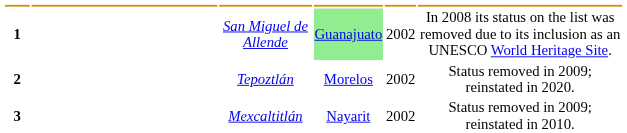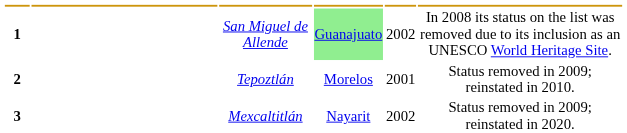 <table class="toccolors sortable" style="text-align:center; width:675px;">
 <tr style="background-color: #CD950C">
 <th style="width:25px;"></th>
 <th style="width:200px;"></th>
 <th></th>
 <th></th>
 <th></th>
 <th></th>
 </tr>
 <tr>
 <td><strong>1</strong></td>
 <td></td>
 <td><em><a href='#'>San Miguel de Allende</a></em></td>
 <td style="background: lightgreen;"><a href='#'>Guanajuato</a></td>
 <td>2002</td>
 <td>In 2008 its status on the list was removed due to its inclusion as an UNESCO <a href='#'>World Heritage Site</a>.</td>
 </tr>
 <tr>
 <td><strong>2</strong></td>
 <td></td>
 <td><em><a href='#'>Tepoztlán</a></em></td>
 <td><a href='#'>Morelos</a></td>
-<td>2002</td>
-<td>Status removed in 2009; reinstated in 2020.</td>
+<td>2001</td>
+<td>Status removed in 2009; reinstated in 2010.</td>
 </tr>
 <tr>
 <td><strong>3</strong></td>
 <td></td>
 <td><em><a href='#'>Mexcaltitlán</a></em></td>
 <td><a href='#'>Nayarit</a></td>
 <td>2002</td>
-<td>Status removed in 2009; reinstated in 2010.</td>
+<td>Status removed in 2009; reinstated in 2020.</td>
 </tr>
 <tr>
 </tr>
 </table>
